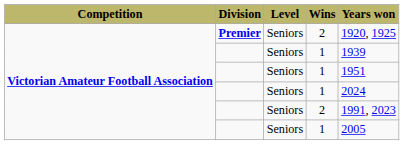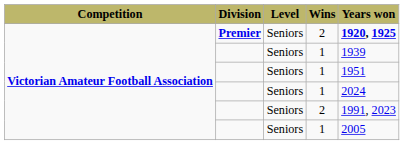 <table class="wikitable">
 <tr style="background:#bdb76b;">
 <th style="background:#bdb76b;" align="center">Competition</th>
 <th style="background:#bdb76b;" align="center">Division</th>
 <th style="background:#bdb76b;" align="center">Level</th>
 <th style="background:#bdb76b;" align="center">Wins</th>
 <th style="background:#bdb76b;" align="center">Years won</th>
 </tr>
 <tr>
 <td rowspan="6"><strong><a href='#'>Victorian Amateur Football Association</a></strong></td>
 <td><strong><a href='#'>Premier</a></strong></td>
 <td>Seniors</td>
 <td align="center">2</td>
-<td><a href='#'>1920</a>, <a href='#'>1925</a></td>
+<td><strong><a href='#'>1920</a>, <a href='#'>1925</a></strong></td>
 </tr>
 <tr>
 <td></td>
 <td>Seniors</td>
 <td align="center">1</td>
 <td><a href='#'>1939</a></td>
 </tr>
 <tr>
 <td></td>
 <td>Seniors</td>
 <td align="center">1</td>
 <td><a href='#'>1951</a></td>
 </tr>
 <tr>
 <td></td>
 <td>Seniors</td>
 <td align="center">1</td>
 <td><a href='#'>2024</a></td>
 </tr>
 <tr>
 <td></td>
 <td>Seniors</td>
 <td align="center">2</td>
 <td><a href='#'>1991</a>, <a href='#'>2023</a></td>
 </tr>
 <tr>
 <td></td>
 <td>Seniors</td>
 <td align="center">1</td>
 <td><a href='#'>2005</a></td>
 </tr>
 </table>
